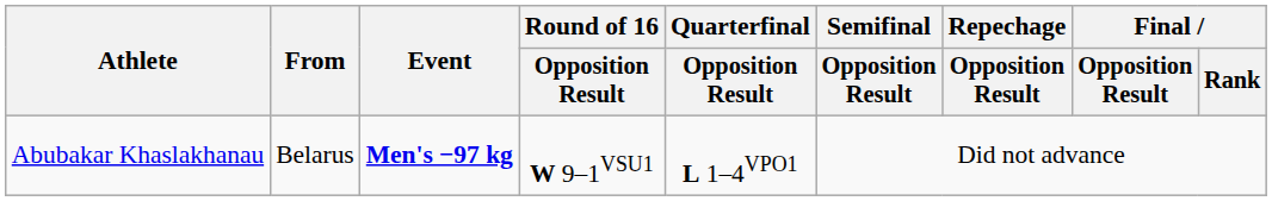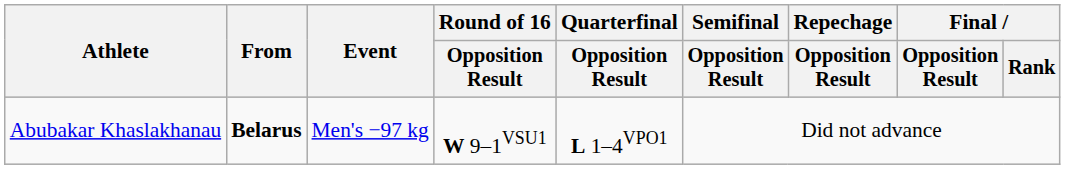 <table class="wikitable" style="font-size:90%">
 <tr>
 <th rowspan=2>Athlete</th>
 <th rowspan=2>From</th>
 <th rowspan=2>Event</th>
 <th>Round of 16</th>
 <th>Quarterfinal</th>
 <th>Semifinal</th>
 <th>Repechage</th>
 <th colspan=2>Final / </th>
 </tr>
 <tr style="font-size: 95%">
 <th>Opposition<br>Result</th>
 <th>Opposition<br>Result</th>
 <th>Opposition<br>Result</th>
 <th>Opposition<br>Result</th>
 <th>Opposition<br>Result</th>
 <th>Rank</th>
 </tr>
 <tr align=center>
 <td align=left><a href='#'>Abubakar Khaslakhanau</a></td>
-<td align=left>Belarus</td>
-<td align=left><strong><a href='#'>Men's −97 kg</a></strong></td>
+<td align=left><strong>Belarus</strong></td>
+<td align=left><a href='#'>Men's −97 kg</a></td>
 <td><br><strong>W</strong> 9–1<sup>VSU1</sup></td>
 <td><br> <strong>L</strong> 1–4<sup>VPO1</sup></td>
 <td colspan=4>Did not advance</td>
 </tr>
 </table>
